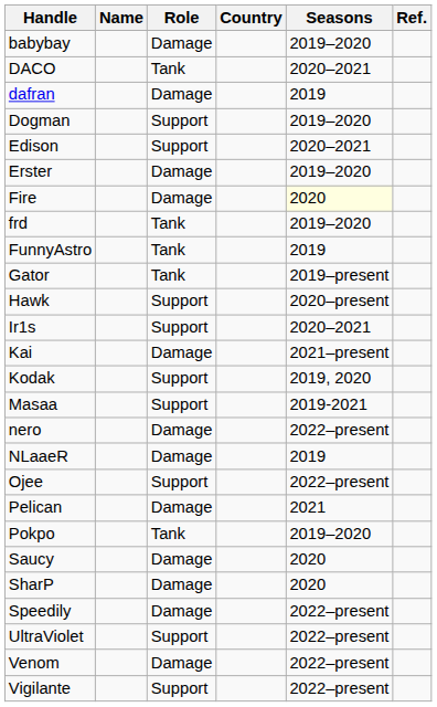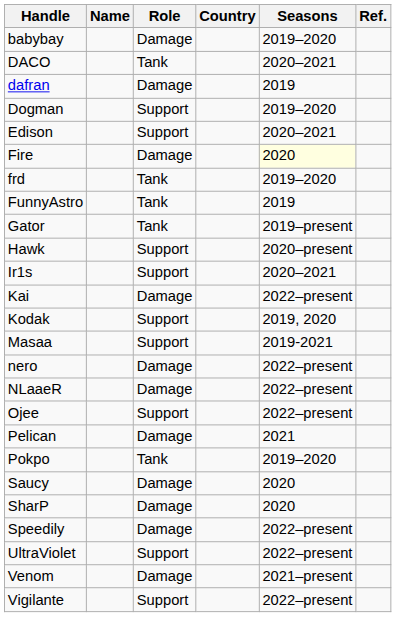 <table class="wikitable sortable" style="text-align:left;">
 <tr>
 <th style="background-color:#">Handle</th>
 <th style="background-color:#">Name</th>
 <th style="background-color:#">Role</th>
 <th style="background-color:#">Country</th>
 <th style="background-color:#">Seasons</th>
 <th style="background-color:#">Ref.</th>
 </tr>
 <tr>
 <td>babybay</td>
 <td></td>
 <td>Damage</td>
 <td></td>
 <td>2019–2020</td>
 <td></td>
 </tr>
 <tr>
 <td>DACO</td>
 <td></td>
 <td>Tank</td>
 <td></td>
 <td>2020–2021</td>
 <td></td>
 </tr>
 <tr>
 <td><a href='#'>dafran</a></td>
 <td></td>
 <td>Damage</td>
 <td></td>
 <td>2019</td>
 <td></td>
 </tr>
 <tr>
 <td>Dogman</td>
 <td></td>
 <td>Support</td>
 <td></td>
 <td>2019–2020</td>
 <td></td>
 </tr>
 <tr>
 <td>Edison</td>
 <td></td>
 <td>Support</td>
 <td></td>
 <td>2020–2021</td>
-<td></td>
-</tr>
-<tr>
-<td>Erster</td>
-<td></td>
-<td>Damage</td>
-<td></td>
-<td>2019–2020</td>
 <td></td>
 </tr>
 <tr>
 <td>Fire</td>
 <td></td>
 <td>Damage</td>
 <td></td>
 <td style="background: lightyellow;">2020</td>
 <td></td>
 </tr>
 <tr>
 <td>frd</td>
 <td></td>
 <td>Tank</td>
 <td></td>
 <td>2019–2020</td>
 <td></td>
 </tr>
 <tr>
 <td>FunnyAstro</td>
 <td></td>
 <td>Tank</td>
 <td></td>
 <td>2019</td>
 <td></td>
 </tr>
 <tr>
 <td>Gator</td>
 <td></td>
 <td>Tank</td>
 <td></td>
 <td>2019–present</td>
 <td></td>
 </tr>
 <tr>
 <td>Hawk</td>
 <td></td>
 <td>Support</td>
 <td></td>
 <td>2020–present</td>
 <td></td>
 </tr>
 <tr>
 <td>Ir1s</td>
 <td></td>
 <td>Support</td>
 <td></td>
 <td>2020–2021</td>
 <td></td>
 </tr>
 <tr>
 <td>Kai</td>
 <td></td>
 <td>Damage</td>
 <td></td>
-<td>2021–present</td>
+<td>2022–present</td>
 <td></td>
 </tr>
 <tr>
 <td>Kodak</td>
 <td></td>
 <td>Support</td>
 <td></td>
 <td>2019, 2020</td>
 <td></td>
 </tr>
 <tr>
 <td>Masaa</td>
 <td></td>
 <td>Support</td>
 <td></td>
 <td>2019-2021</td>
 <td></td>
 </tr>
 <tr>
 <td>nero</td>
 <td></td>
 <td>Damage</td>
 <td></td>
 <td>2022–present</td>
 <td></td>
 </tr>
 <tr>
 <td>NLaaeR</td>
 <td></td>
 <td>Damage</td>
 <td></td>
-<td>2019</td>
+<td>2022–present</td>
 <td></td>
 </tr>
 <tr>
 <td>Ojee</td>
 <td></td>
 <td>Support</td>
 <td></td>
 <td>2022–present</td>
 <td></td>
 </tr>
 <tr>
 <td>Pelican</td>
 <td></td>
 <td>Damage</td>
 <td></td>
 <td>2021</td>
 <td></td>
 </tr>
 <tr>
 <td>Pokpo</td>
 <td></td>
 <td>Tank</td>
 <td></td>
 <td>2019–2020</td>
 <td></td>
 </tr>
 <tr>
 <td>Saucy</td>
 <td></td>
 <td>Damage</td>
 <td></td>
 <td>2020</td>
 <td></td>
 </tr>
 <tr>
 <td>SharP</td>
 <td></td>
 <td>Damage</td>
 <td></td>
 <td>2020</td>
 <td></td>
 </tr>
 <tr>
 <td>Speedily</td>
 <td></td>
 <td>Damage</td>
 <td></td>
 <td>2022–present</td>
 <td></td>
 </tr>
 <tr>
 <td>UltraViolet</td>
 <td></td>
 <td>Support</td>
 <td></td>
 <td>2022–present</td>
 <td></td>
 </tr>
 <tr>
 <td>Venom</td>
 <td></td>
 <td>Damage</td>
 <td></td>
-<td>2022–present</td>
+<td>2021–present</td>
 <td></td>
 </tr>
 <tr>
 <td>Vigilante</td>
 <td></td>
 <td>Support</td>
 <td></td>
 <td>2022–present</td>
 <td></td>
 </tr>
 </table>
